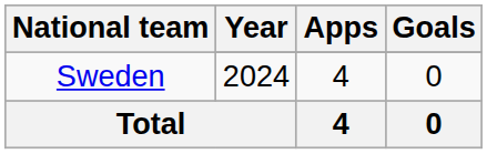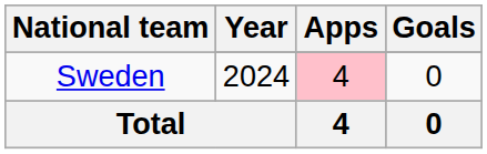 <table class="wikitable" style="text-align:center">
 <tr>
 <th>National team</th>
 <th>Year</th>
 <th>Apps</th>
 <th>Goals</th>
 </tr>
 <tr>
 <td rowspan="2"><a href='#'>Sweden</a></td>
 </tr>
 <tr>
 <td>2024</td>
-<td>4</td>
+<td style="background: pink;">4</td>
 <td>0</td>
 </tr>
 <tr>
 <th colspan="2">Total</th>
 <th>4</th>
 <th>0</th>
 </tr>
 </table>
